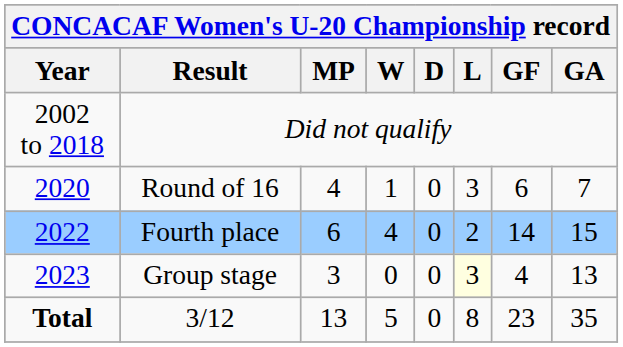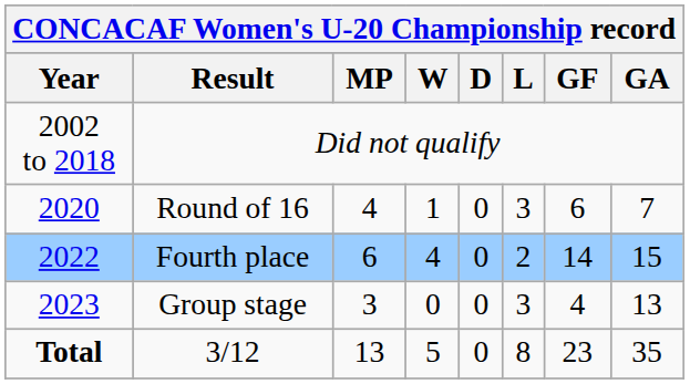 <table class="wikitable" style="text-align: center;">
 <tr>
 <th colspan=20><a href='#'>CONCACAF Women's U-20 Championship</a> record</th>
 </tr>
 <tr>
 <th>Year</th>
 <th>Result</th>
 <th>MP</th>
 <th>W</th>
 <th>D</th>
 <th>L</th>
 <th>GF</th>
 <th>GA</th>
 </tr>
 <tr>
 <td> 2002<br>to  <a href='#'>2018</a></td>
 <td colspan=9><em>Did not qualify</em></td>
 </tr>
 <tr>
 <td> <a href='#'>2020</a></td>
 <td>Round of 16</td>
 <td>4</td>
 <td>1</td>
 <td>0</td>
 <td>3</td>
 <td>6</td>
 <td>7</td>
 </tr>
 <tr style="background:#9acdff;">
 <td> <a href='#'>2022</a></td>
 <td>Fourth place</td>
 <td>6</td>
 <td>4</td>
 <td>0</td>
 <td>2</td>
 <td>14</td>
 <td>15</td>
 </tr>
 <tr>
 <td> <a href='#'>2023</a></td>
 <td>Group stage</td>
 <td>3</td>
 <td>0</td>
 <td>0</td>
-<td style="background: lightyellow;">3</td>
+<td>3</td>
 <td>4</td>
 <td>13</td>
 </tr>
 <tr>
 <td><strong>Total</strong></td>
 <td>3/12</td>
 <td>13</td>
 <td>5</td>
 <td>0</td>
 <td>8</td>
 <td>23</td>
 <td>35</td>
 </tr>
 </table>
